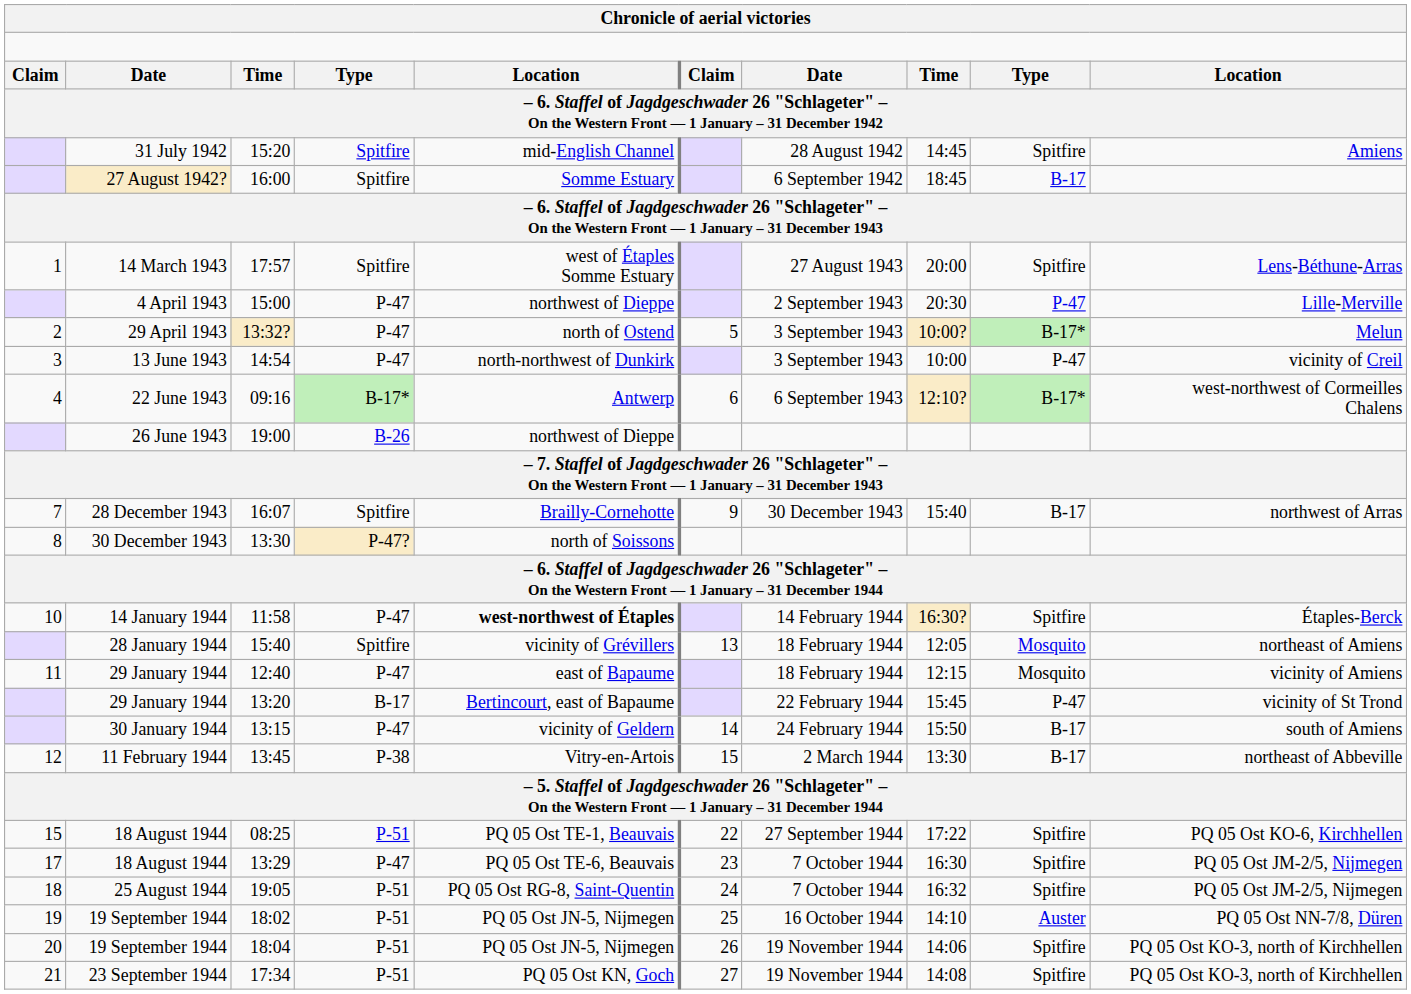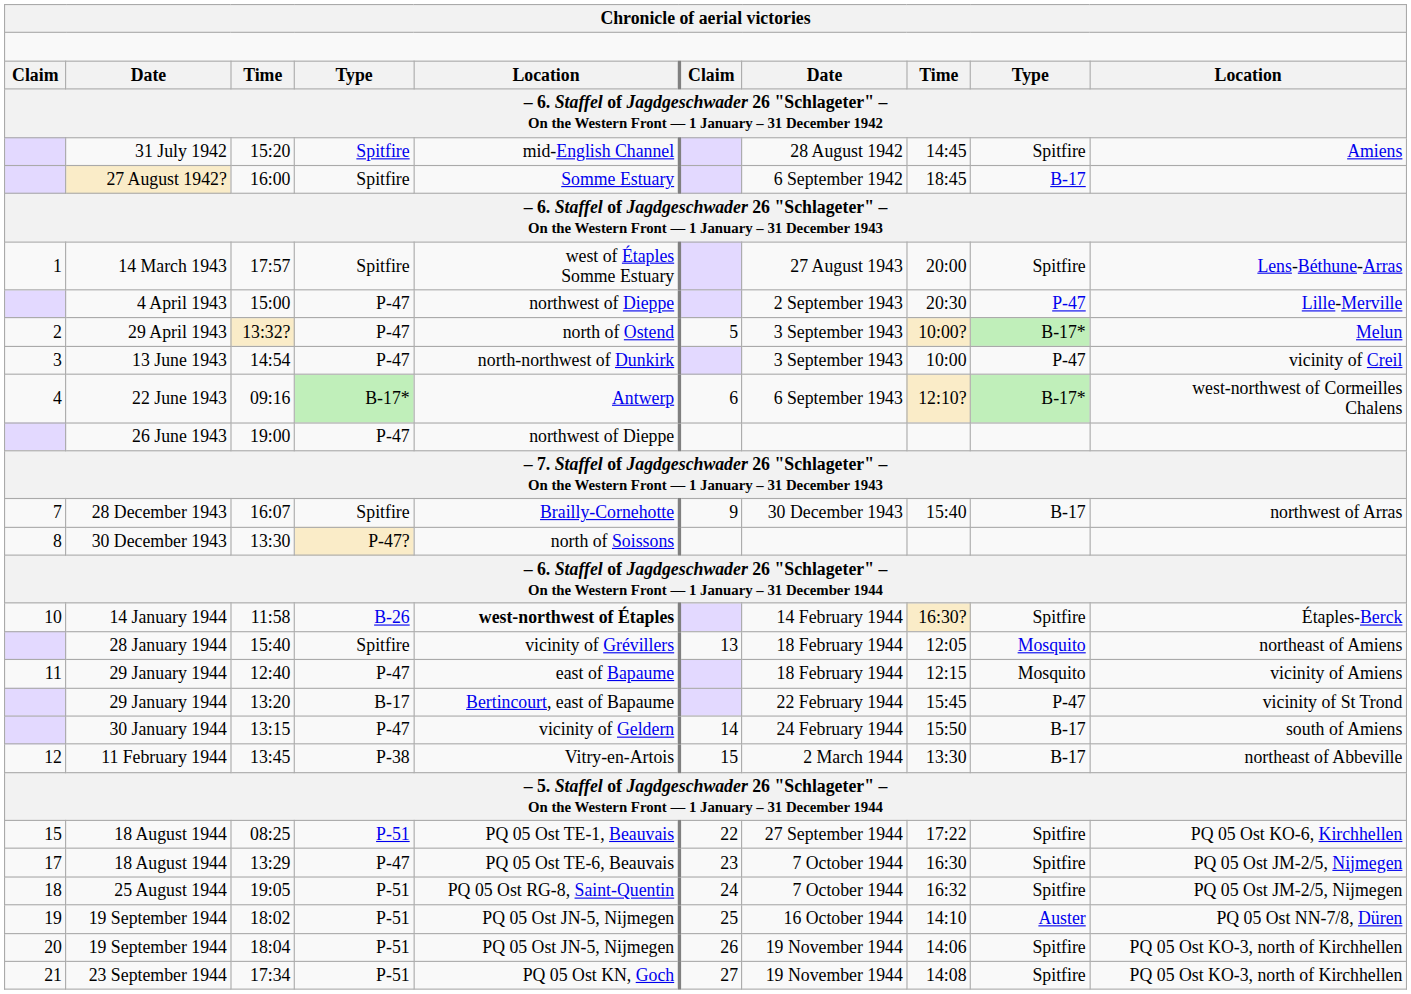 <table class="wikitable plainrowheaders collapsible" style="margin-left: auto; margin-right: auto; border: none; text-align:right; width: 100%;">
 <tr>
 <th colspan="10">Chronicle of aerial victories</th>
 </tr>
 <tr>
 <td colspan="10" style="text-align: left;"><br>  </td>
 </tr>
 <tr>
 <th scope="col">Claim</th>
 <th scope="col">Date</th>
 <th scope="col">Time</th>
 <th scope="col" width="100px">Type</th>
 <th scope="col">Location</th>
 <th scope="col" style="border-left: 3px solid grey;">Claim</th>
 <th scope="col">Date</th>
 <th scope="col">Time</th>
 <th scope="col" width="100px">Type</th>
 <th scope="col">Location</th>
 </tr>
 <tr>
 <th colspan="10">– 6. <em>Staffel</em> of <em>Jagdgeschwader</em> 26 "Schlageter" –<br><small>On the Western Front — 1 January – 31 December 1942</small></th>
 </tr>
 <tr>
 <td style="background:#e3d9ff;"></td>
 <td>31 July 1942</td>
 <td>15:20</td>
 <td><a href='#'>Spitfire</a></td>
 <td>mid-<a href='#'>English Channel</a></td>
 <td style="border-left: 3px solid grey; background:#e3d9ff;"></td>
 <td>28 August 1942</td>
 <td>14:45</td>
 <td>Spitfire</td>
 <td><a href='#'>Amiens</a></td>
 </tr>
 <tr>
 <td style="background:#e3d9ff;"></td>
 <td style="background:#faecc8">27 August 1942?</td>
 <td>16:00</td>
 <td>Spitfire</td>
 <td><a href='#'>Somme Estuary</a></td>
 <td style="border-left: 3px solid grey; background:#e3d9ff;"></td>
 <td>6 September 1942</td>
 <td>18:45</td>
 <td><a href='#'>B-17</a></td>
 <td></td>
 </tr>
 <tr>
 <th colspan="10">– 6. <em>Staffel</em> of <em>Jagdgeschwader</em> 26 "Schlageter" –<br><small>On the Western Front — 1 January – 31 December 1943</small></th>
 </tr>
 <tr>
 <td>1</td>
 <td>14 March 1943</td>
 <td>17:57</td>
 <td>Spitfire</td>
 <td> west of <a href='#'>Étaples</a><br>Somme Estuary</td>
 <td style="border-left: 3px solid grey; background:#e3d9ff;"></td>
 <td>27 August 1943</td>
 <td>20:00</td>
 <td>Spitfire</td>
 <td><a href='#'>Lens</a>-<a href='#'>Béthune</a>-<a href='#'>Arras</a></td>
 </tr>
 <tr>
 <td style="background:#e3d9ff;"></td>
 <td>4 April 1943</td>
 <td>15:00</td>
 <td>P-47</td>
 <td> northwest of <a href='#'>Dieppe</a></td>
 <td style="border-left: 3px solid grey; background:#e3d9ff;"></td>
 <td>2 September 1943</td>
 <td>20:30</td>
 <td><a href='#'>P-47</a></td>
 <td><a href='#'>Lille</a>-<a href='#'>Merville</a></td>
 </tr>
 <tr>
 <td>2</td>
 <td>29 April 1943</td>
 <td style="background:#faecc8">13:32?</td>
 <td>P-47</td>
 <td> north of <a href='#'>Ostend</a></td>
 <td style="border-left: 3px solid grey;">5</td>
 <td>3 September 1943</td>
 <td style="background:#faecc8">10:00?</td>
 <td style="background:#C0EFBA">B-17*</td>
 <td><a href='#'>Melun</a></td>
 </tr>
 <tr>
 <td>3</td>
 <td>13 June 1943</td>
 <td>14:54</td>
 <td>P-47</td>
 <td> north-northwest of <a href='#'>Dunkirk</a></td>
 <td style="border-left: 3px solid grey; background:#e3d9ff;"></td>
 <td>3 September 1943</td>
 <td>10:00</td>
 <td>P-47</td>
 <td>vicinity of <a href='#'>Creil</a></td>
 </tr>
 <tr>
 <td>4</td>
 <td>22 June 1943</td>
 <td>09:16</td>
 <td style="background:#C0EFBA">B-17*</td>
 <td><a href='#'>Antwerp</a></td>
 <td style="border-left: 3px solid grey;">6</td>
 <td>6 September 1943</td>
 <td style="background:#faecc8">12:10?</td>
 <td style="background:#C0EFBA">B-17*</td>
 <td> west-northwest of Cormeilles<br>Chalens</td>
 </tr>
 <tr>
 <td style="background:#e3d9ff;"></td>
 <td>26 June 1943</td>
 <td>19:00</td>
-<td><a href='#'>B-26</a></td>
+<td>P-47</td>
 <td> northwest of Dieppe</td>
 <td style="border-left: 3px solid grey;"></td>
 <td></td>
 <td></td>
 <td></td>
 <td></td>
 </tr>
 <tr>
 <th colspan="10">– 7. <em>Staffel</em> of <em>Jagdgeschwader</em> 26 "Schlageter" –<br><small>On the Western Front — 1 January – 31 December 1943</small></th>
 </tr>
 <tr>
 <td>7</td>
 <td>28 December 1943</td>
 <td>16:07</td>
 <td>Spitfire</td>
 <td><a href='#'>Brailly-Cornehotte</a></td>
 <td style="border-left: 3px solid grey;">9</td>
 <td>30 December 1943</td>
 <td>15:40</td>
 <td>B-17</td>
 <td> northwest of Arras</td>
 </tr>
 <tr>
 <td>8</td>
 <td>30 December 1943</td>
 <td>13:30</td>
 <td style="background:#faecc8">P-47?</td>
 <td> north of <a href='#'>Soissons</a></td>
 <td style="border-left: 3px solid grey;"></td>
 <td></td>
 <td></td>
 <td></td>
 <td></td>
 </tr>
 <tr>
 <th colspan="10">– 6. <em>Staffel</em> of <em>Jagdgeschwader</em> 26 "Schlageter" –<br><small>On the Western Front — 1 January – 31 December 1944</small></th>
 </tr>
 <tr>
 <td>10</td>
 <td>14 January 1944</td>
 <td>11:58</td>
-<td>P-47</td>
+<td><a href='#'>B-26</a></td>
 <td><strong> west-northwest of Étaples</strong></td>
 <td style="border-left: 3px solid grey; background:#e3d9ff;"></td>
 <td>14 February 1944</td>
 <td style="background:#faecc8">16:30?</td>
 <td>Spitfire</td>
 <td>Étaples-<a href='#'>Berck</a></td>
 </tr>
 <tr>
 <td style="background:#e3d9ff;"></td>
 <td>28 January 1944</td>
 <td>15:40</td>
 <td>Spitfire</td>
 <td>vicinity of <a href='#'>Grévillers</a></td>
 <td style="border-left: 3px solid grey;">13</td>
 <td>18 February 1944</td>
 <td>12:05</td>
 <td><a href='#'>Mosquito</a></td>
 <td>northeast of Amiens</td>
 </tr>
 <tr>
 <td>11</td>
 <td>29 January 1944</td>
 <td>12:40</td>
 <td>P-47</td>
 <td> east of <a href='#'>Bapaume</a></td>
 <td style="border-left: 3px solid grey; background:#e3d9ff;"></td>
 <td>18 February 1944</td>
 <td>12:15</td>
 <td>Mosquito</td>
 <td>vicinity of Amiens</td>
 </tr>
 <tr>
 <td style="background:#e3d9ff;"></td>
 <td>29 January 1944</td>
 <td>13:20</td>
 <td>B-17</td>
 <td><a href='#'>Bertincourt</a>,  east of Bapaume</td>
 <td style="border-left: 3px solid grey; background:#e3d9ff;"></td>
 <td>22 February 1944</td>
 <td>15:45</td>
 <td>P-47</td>
 <td>vicinity of St Trond</td>
 </tr>
 <tr>
 <td style="background:#e3d9ff;"></td>
 <td>30 January 1944</td>
 <td>13:15</td>
 <td>P-47</td>
 <td>vicinity of <a href='#'>Geldern</a></td>
 <td style="border-left: 3px solid grey;">14</td>
 <td>24 February 1944</td>
 <td>15:50</td>
 <td>B-17</td>
 <td> south of Amiens</td>
 </tr>
 <tr>
 <td>12</td>
 <td>11 February 1944</td>
 <td>13:45</td>
 <td>P-38</td>
 <td>Vitry-en-Artois</td>
 <td style="border-left: 3px solid grey;">15</td>
 <td>2 March 1944</td>
 <td>13:30</td>
 <td>B-17</td>
 <td> northeast of Abbeville</td>
 </tr>
 <tr>
 <th colspan="10">– 5. <em>Staffel</em> of <em>Jagdgeschwader</em> 26 "Schlageter" –<br><small>On the Western Front — 1 January – 31 December 1944</small></th>
 </tr>
 <tr>
 <td>15</td>
 <td>18 August 1944</td>
 <td>08:25</td>
 <td><a href='#'>P-51</a></td>
 <td>PQ 05 Ost TE-1, <a href='#'>Beauvais</a></td>
 <td style="border-left: 3px solid grey;">22</td>
 <td>27 September 1944</td>
 <td>17:22</td>
 <td>Spitfire</td>
 <td>PQ 05 Ost KO-6, <a href='#'>Kirchhellen</a></td>
 </tr>
 <tr>
 <td>17</td>
 <td>18 August 1944</td>
 <td>13:29</td>
 <td>P-47</td>
 <td>PQ 05 Ost TE-6, Beauvais</td>
 <td style="border-left: 3px solid grey;">23</td>
 <td>7 October 1944</td>
 <td>16:30</td>
 <td>Spitfire</td>
 <td>PQ 05 Ost JM-2/5, <a href='#'>Nijmegen</a></td>
 </tr>
 <tr>
 <td>18</td>
 <td>25 August 1944</td>
 <td>19:05</td>
 <td>P-51</td>
 <td>PQ 05 Ost RG-8, <a href='#'>Saint-Quentin</a></td>
 <td style="border-left: 3px solid grey;">24</td>
 <td>7 October 1944</td>
 <td>16:32</td>
 <td>Spitfire</td>
 <td>PQ 05 Ost JM-2/5, Nijmegen</td>
 </tr>
 <tr>
 <td>19</td>
 <td>19 September 1944</td>
 <td>18:02</td>
 <td>P-51</td>
 <td>PQ 05 Ost JN-5, Nijmegen</td>
 <td style="border-left: 3px solid grey;">25</td>
 <td>16 October 1944</td>
 <td>14:10</td>
 <td><a href='#'>Auster</a></td>
 <td>PQ 05 Ost NN-7/8, <a href='#'>Düren</a></td>
 </tr>
 <tr>
 <td>20</td>
 <td>19 September 1944</td>
 <td>18:04</td>
 <td>P-51</td>
 <td>PQ 05 Ost JN-5, Nijmegen</td>
 <td style="border-left: 3px solid grey;">26</td>
 <td>19 November 1944</td>
 <td>14:06</td>
 <td>Spitfire</td>
 <td>PQ 05 Ost KO-3, north of Kirchhellen</td>
 </tr>
 <tr>
 <td>21</td>
 <td>23 September 1944</td>
 <td>17:34</td>
 <td>P-51</td>
 <td>PQ 05 Ost KN, <a href='#'>Goch</a></td>
 <td style="border-left: 3px solid grey;">27</td>
 <td>19 November 1944</td>
 <td>14:08</td>
 <td>Spitfire</td>
 <td>PQ 05 Ost KO-3, north of Kirchhellen</td>
 </tr>
 </table>
